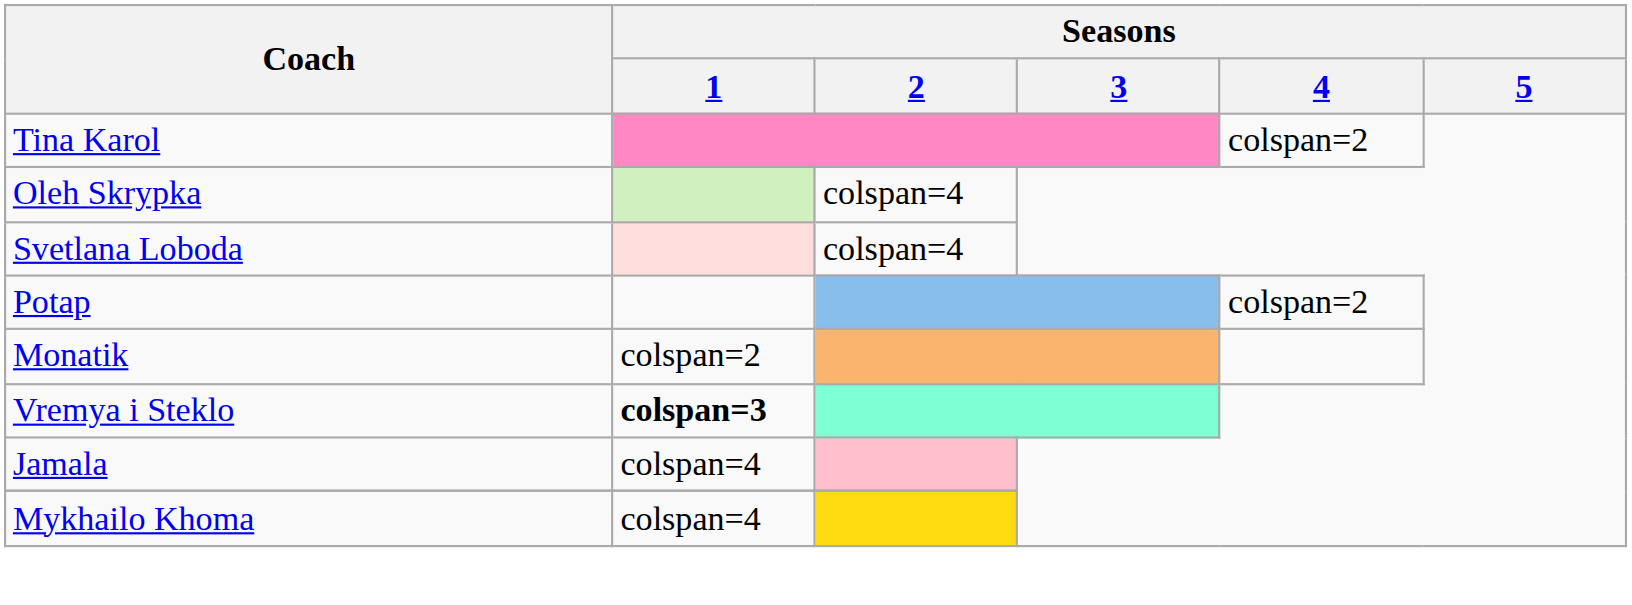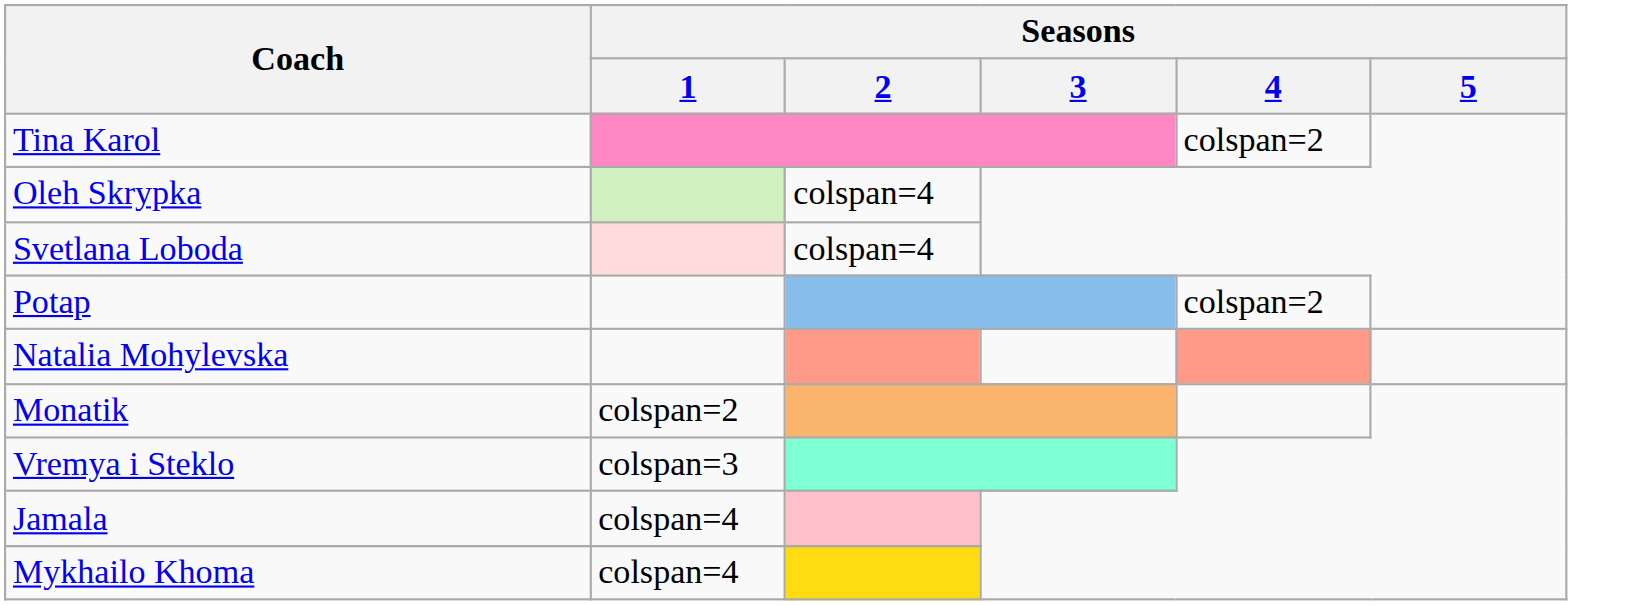 <table class="wikitable nowrap">
 <tr>
 <th rowspan=2 style="width:30%">Coach</th>
 <th colspan=5>Seasons</th>
 </tr>
 <tr>
 <th width="10%"><a href='#'>1</a></th>
 <th width="10%"><a href='#'>2</a></th>
 <th width="10%"><a href='#'>3</a></th>
 <th width="10%"><a href='#'>4</a></th>
 <th width="10%"><a href='#'>5</a></th>
 </tr>
 <tr>
 <td><a href='#'>Tina Karol</a></td>
 <td colspan=3 style="background:#FF87C3"></td>
 <td>colspan=2 </td>
 </tr>
 <tr>
 <td><a href='#'>Oleh Skrypka</a></td>
 <td style="background:#d0f0c0"></td>
 <td>colspan=4 </td>
 </tr>
 <tr>
 <td><a href='#'>Svetlana Loboda</a></td>
 <td style="background:#ffdddd"></td>
 <td>colspan=4 </td>
 </tr>
 <tr>
 <td><a href='#'>Potap</a></td>
 <td></td>
 <td colspan=2 style="background:#87beeb"></td>
 <td>colspan=2 </td>
 </tr>
 <tr>
+<td><a href='#'>Natalia Mohylevska</a></td>
+<td></td>
+<td style="background:#ff9988"></td>
+<td></td>
+<td style="background:#ff9988"></td>
+<td></td>
+</tr>
+<tr>
 <td><a href='#'>Monatik</a></td>
 <td>colspan=2 </td>
 <td colspan=2 style="background:#fbb46e"></td>
 <td></td>
 </tr>
 <tr>
 <td><a href='#'>Vremya i Steklo</a></td>
-<td><strong>colspan=3 </strong></td>
+<td>colspan=3 </td>
 <td colspan=2 style="background:#7FFFD4"></td>
 </tr>
 <tr>
 <td><a href='#'>Jamala</a></td>
 <td>colspan=4 </td>
 <td style="background:pink"></td>
 </tr>
 <tr>
 </tr>
 <tr>
 <td><a href='#'>Mykhailo Khoma</a></td>
 <td>colspan=4 </td>
 <td style="background:#ffdb11"></td>
 </tr>
 </table>
